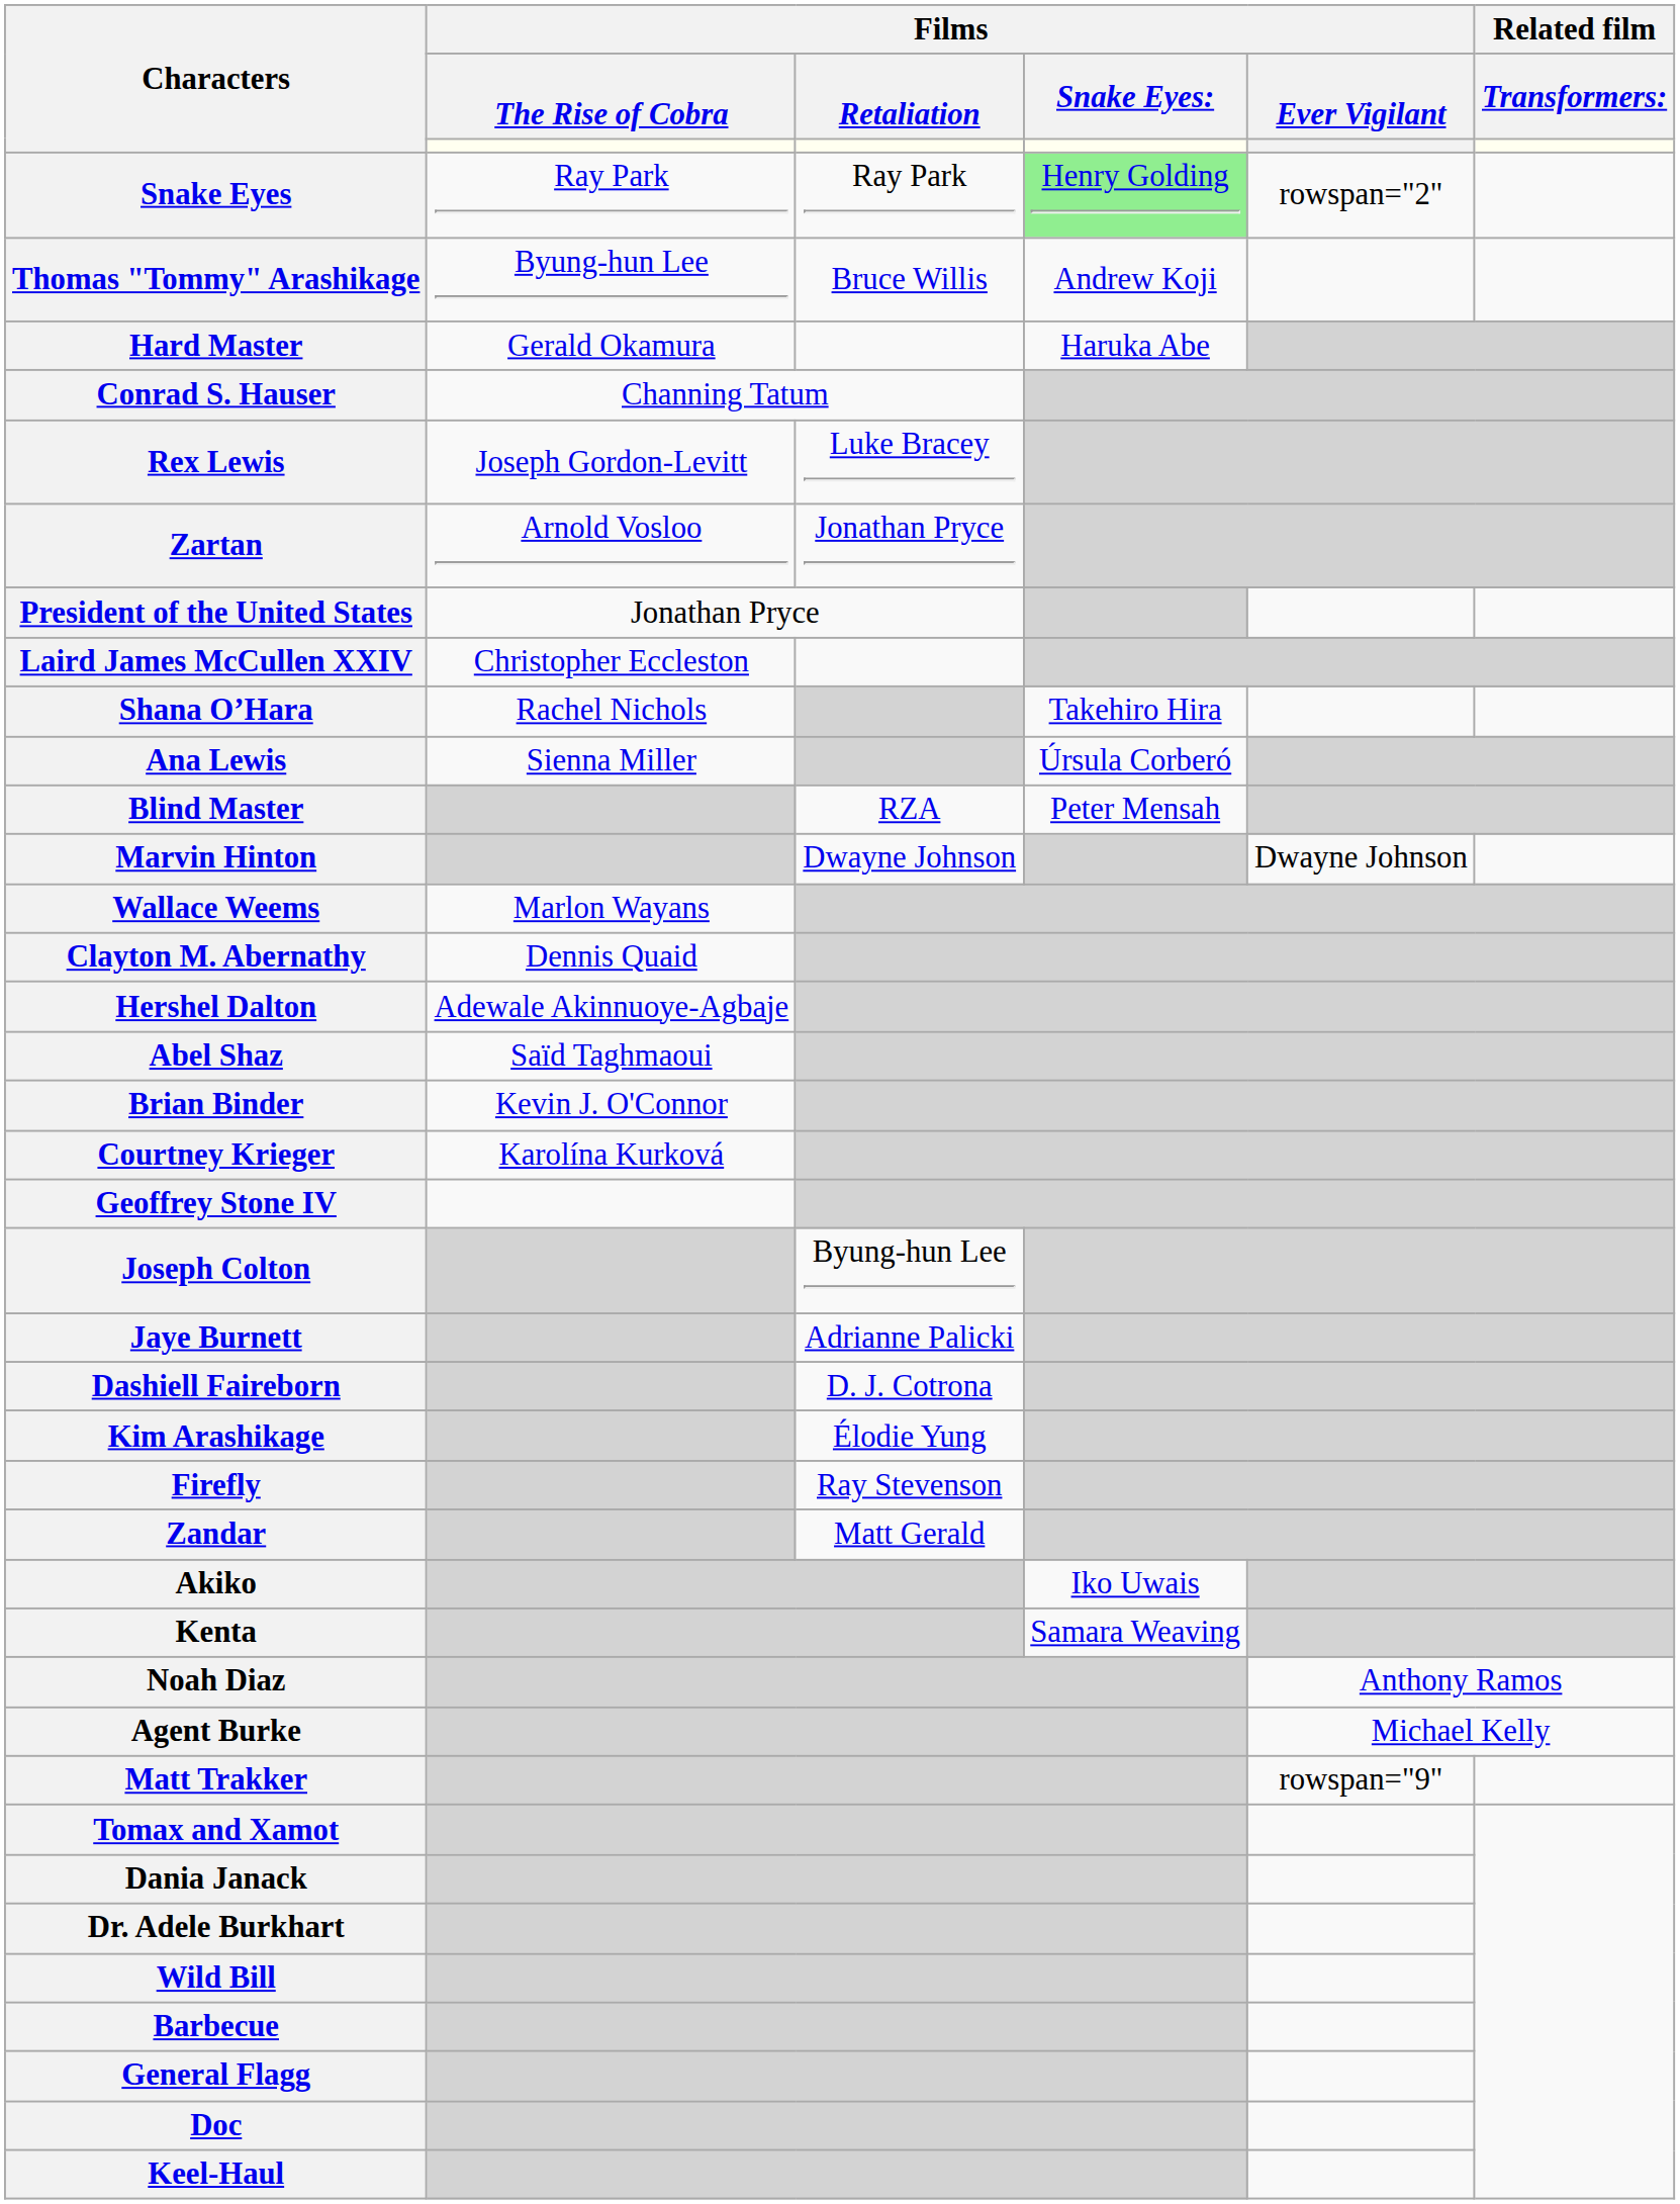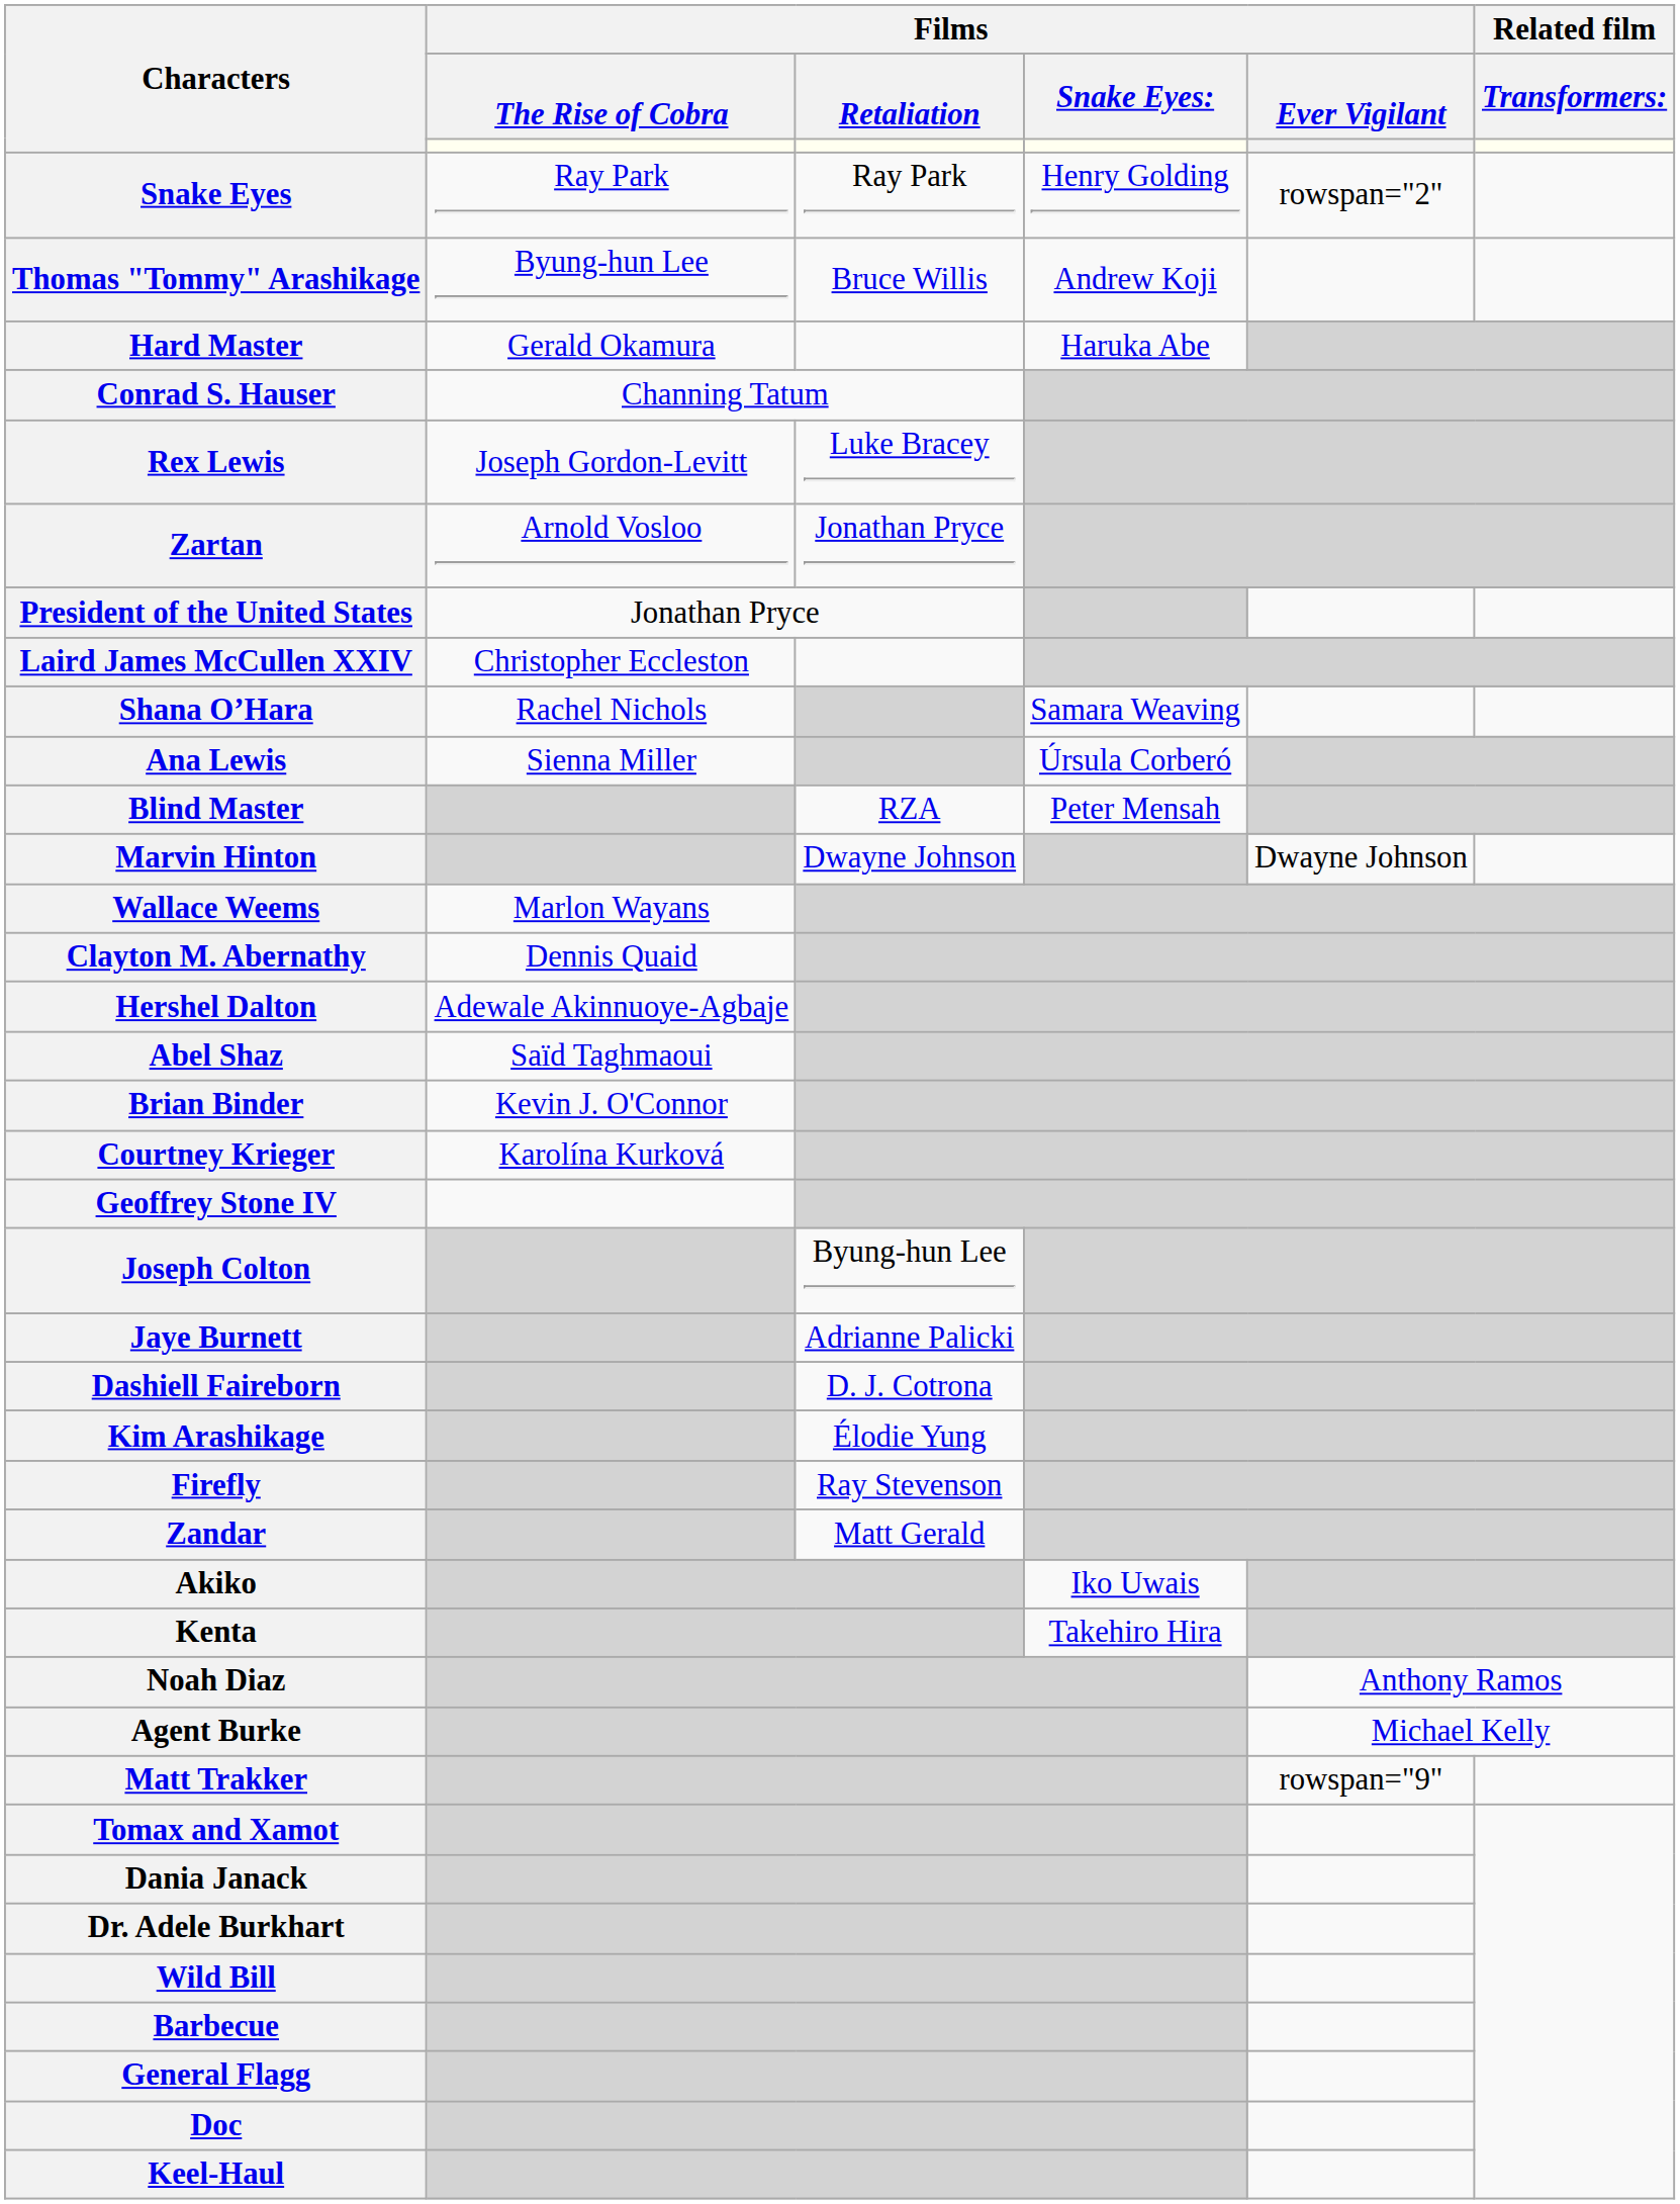 <table class="wikitable" style="text-align:center;">
 <tr>
 <th rowspan="3">Characters</th>
 <th colspan="4">Films</th>
 <th>Related film</th>
 </tr>
 <tr>
 <th><em><a href='#'><br>The Rise of Cobra</a></em></th>
 <th><em><a href='#'><br>Retaliation</a></em></th>
 <th><em><a href='#'>Snake Eyes:<br></a></em></th>
 <th><em><a href='#'><br>Ever Vigilant</a></em></th>
 <th><em><a href='#'>Transformers:<br></a></em></th>
 </tr>
 <tr>
 <th style="background:ivory;"></th>
 <th style="background:ivory;"></th>
 <th style="background:ivory;"></th>
 <th></th>
 <th style="background:ivory;"></th>
 </tr>
 <tr>
 <th><a href='#'>Snake Eyes</a></th>
 <td><a href='#'>Ray Park</a><hr></td>
 <td>Ray Park<hr></td>
-<td style="background: lightgreen;"><a href='#'>Henry Golding</a><hr></td>
+<td><a href='#'>Henry Golding</a><hr></td>
 <td>rowspan="2" </td>
 <td></td>
 </tr>
 <tr>
 <th><a href='#'>Thomas "Tommy" Arashikage<br></a></th>
 <td><a href='#'>Byung-hun Lee</a><hr></td>
 <td><a href='#'>Bruce Willis</a></td>
 <td><a href='#'>Andrew Koji</a></td>
 <td></td>
 </tr>
 <tr>
 <th><a href='#'>Hard Master</a></th>
 <td><a href='#'>Gerald Okamura</a></td>
 <td></td>
 <td><a href='#'>Haruka Abe</a></td>
 <td colspan="2" style="background:#d3d3d3;"></td>
 </tr>
 <tr>
 <th><a href='#'>Conrad S. Hauser<br></a></th>
 <td colspan="2"><a href='#'>Channing Tatum</a></td>
 <td colspan="4" style="background:#d3d3d3;"></td>
 </tr>
 <tr>
 <th><a href='#'>Rex Lewis<br></a></th>
 <td><a href='#'>Joseph Gordon-Levitt</a></td>
 <td><a href='#'>Luke Bracey</a><hr></td>
 <td colspan="3" style="background:#d3d3d3;"></td>
 </tr>
 <tr>
 <th><a href='#'>Zartan</a></th>
 <td><a href='#'>Arnold Vosloo</a><hr></td>
 <td><a href='#'>Jonathan Pryce</a><hr></td>
 <td colspan="3" style="background:#d3d3d3;"></td>
 </tr>
 <tr>
 <th><a href='#'>President of the United States</a></th>
 <td colspan="2">Jonathan Pryce</td>
 <td style="background:#d3d3d3;"></td>
 <td></td>
 <td></td>
 </tr>
 <tr>
 <th><a href='#'>Laird James McCullen XXIV<br></a></th>
 <td><a href='#'>Christopher Eccleston</a></td>
 <td></td>
 <td colspan="3" style="background:#d3d3d3;"></td>
 </tr>
 <tr>
 <th><a href='#'>Shana O’Hara<br></a></th>
 <td><a href='#'>Rachel Nichols</a></td>
 <td style="background:lightgrey;"></td>
-<td><a href='#'>Takehiro Hira</a></td>
+<td><a href='#'>Samara Weaving</a></td>
 <td></td>
 <td></td>
 </tr>
 <tr>
 <th><a href='#'>Ana Lewis<br></a></th>
 <td><a href='#'>Sienna Miller</a></td>
 <td style="background:lightgrey;"></td>
 <td><a href='#'>Úrsula Corberó</a></td>
 <td colspan="3" style="background:lightgrey;"></td>
 </tr>
 <tr>
 <th><a href='#'>Blind Master</a></th>
 <td style="background:#d3d3d3;"></td>
 <td><a href='#'>RZA</a></td>
 <td><a href='#'>Peter Mensah</a></td>
 <td colspan="3" style="background:#d3d3d3;"></td>
 </tr>
 <tr>
 <th><a href='#'>Marvin Hinton<br></a></th>
 <td style="background:#d3d3d3;"></td>
 <td><a href='#'>Dwayne Johnson</a></td>
 <td style="background:#d3d3d3;"></td>
 <td>Dwayne Johnson</td>
 <td></td>
 </tr>
 <tr>
 <th><a href='#'>Wallace Weems<br></a></th>
 <td><a href='#'>Marlon Wayans</a></td>
 <td colspan="5" style="background:lightgrey;"></td>
 </tr>
 <tr>
 <th><a href='#'>Clayton M. Abernathy<br></a></th>
 <td><a href='#'>Dennis Quaid</a></td>
 <td colspan="4" style="background:lightgrey;"></td>
 </tr>
 <tr>
 <th><a href='#'>Hershel Dalton<br></a></th>
 <td><a href='#'>Adewale Akinnuoye-Agbaje</a></td>
 <td colspan="6" style="background:lightgrey;"></td>
 </tr>
 <tr>
 <th><a href='#'>Abel Shaz<br></a></th>
 <td><a href='#'>Saïd Taghmaoui</a></td>
 <td colspan="6" style="background:lightgrey;"></td>
 </tr>
 <tr>
 <th><a href='#'>Brian Binder<br></a></th>
 <td><a href='#'>Kevin J. O'Connor</a></td>
 <td colspan="6" style="background:lightgrey;"></td>
 </tr>
 <tr>
 <th><a href='#'>Courtney Krieger<br></a></th>
 <td><a href='#'>Karolína Kurková</a></td>
 <td colspan="6" style="background:lightgrey;"></td>
 </tr>
 <tr>
 <th><a href='#'>Geoffrey Stone IV<br></a></th>
 <td></td>
 <td colspan="6" style="background:lightgrey;"></td>
 </tr>
 <tr>
 <th><a href='#'>Joseph Colton<br></a></th>
 <td style="background:#d3d3d3;"></td>
 <td>Byung-hun Lee<hr></td>
 <td colspan="5" style="background:#d3d3d3;"></td>
 </tr>
 <tr>
 <th><a href='#'>Jaye Burnett<br></a></th>
 <td style="background:#d3d3d3;"></td>
 <td><a href='#'>Adrianne Palicki</a></td>
 <td colspan="5" style="background:#d3d3d3;"></td>
 </tr>
 <tr>
 <th><a href='#'>Dashiell Faireborn<br></a></th>
 <td style="background:#d3d3d3;"></td>
 <td><a href='#'>D. J. Cotrona</a></td>
 <td colspan="5" style="background:#d3d3d3;"></td>
 </tr>
 <tr>
 <th><a href='#'>Kim Arashikage<br></a></th>
 <td style="background:#d3d3d3;"></td>
 <td><a href='#'>Élodie Yung</a></td>
 <td colspan="5" style="background:#d3d3d3;"></td>
 </tr>
 <tr>
 <th><a href='#'>Firefly</a></th>
 <td style="background:#d3d3d3;"></td>
 <td><a href='#'>Ray Stevenson</a></td>
 <td colspan="5" style="background:#d3d3d3;"></td>
 </tr>
 <tr>
 <th><a href='#'>Zandar<br></a></th>
 <td style="background:#d3d3d3;"></td>
 <td><a href='#'>Matt Gerald</a></td>
 <td colspan="5" style="background:#d3d3d3;"></td>
 </tr>
 <tr>
 <th>Akiko</th>
 <td colspan="2" style="background:#d3d3d3;"></td>
 <td><a href='#'>Iko Uwais</a></td>
 <td colspan="4" style="background:#d3d3d3;"></td>
 </tr>
 <tr>
 <th>Kenta</th>
 <td colspan="2" style="background:#d3d3d3;"></td>
-<td><a href='#'>Samara Weaving</a></td>
+<td><a href='#'>Takehiro Hira</a></td>
 <td colspan="4" style="background:#d3d3d3;"></td>
 </tr>
 <tr>
 <th>Noah Diaz</th>
 <td colspan="3" style="background:#d3d3d3;"></td>
 <td colspan="2"><a href='#'>Anthony Ramos</a></td>
 </tr>
 <tr>
 <th>Agent Burke</th>
 <td colspan="3" style="background:#d3d3d3;"></td>
 <td colspan="2"><a href='#'>Michael Kelly</a></td>
 </tr>
 <tr>
 <th><a href='#'>Matt Trakker</a></th>
 <td colspan="3" style="background:#d3d3d3;"></td>
 <td>rowspan="9" </td>
 <td></td>
 </tr>
 <tr>
 <th><a href='#'>Tomax and Xamot</a></th>
 <td colspan="3" style="background:#d3d3d3;"></td>
 <td></td>
 </tr>
 <tr>
 <th>Dania Janack</th>
 <td colspan="3" style="background:#d3d3d3;"></td>
 <td></td>
 </tr>
 <tr>
 <th>Dr. Adele Burkhart</th>
 <td colspan="3" style="background:#d3d3d3;"></td>
 <td></td>
 </tr>
 <tr>
 <th><a href='#'>Wild Bill</a></th>
 <td colspan="3" style="background:#d3d3d3;"></td>
 <td></td>
 </tr>
 <tr>
 <th><a href='#'>Barbecue</a></th>
 <td colspan="3" style="background:#d3d3d3;"></td>
 <td></td>
 </tr>
 <tr>
 <th><a href='#'>General Flagg</a></th>
 <td colspan="3" style="background:#d3d3d3;"></td>
 <td></td>
 </tr>
 <tr>
 <th><a href='#'>Doc</a></th>
 <td colspan="3" style="background:#d3d3d3;"></td>
 <td></td>
 </tr>
 <tr>
 <th><a href='#'>Keel-Haul</a></th>
 <td colspan="3" style="background:#d3d3d3;"></td>
 <td></td>
 </tr>
 </table>
